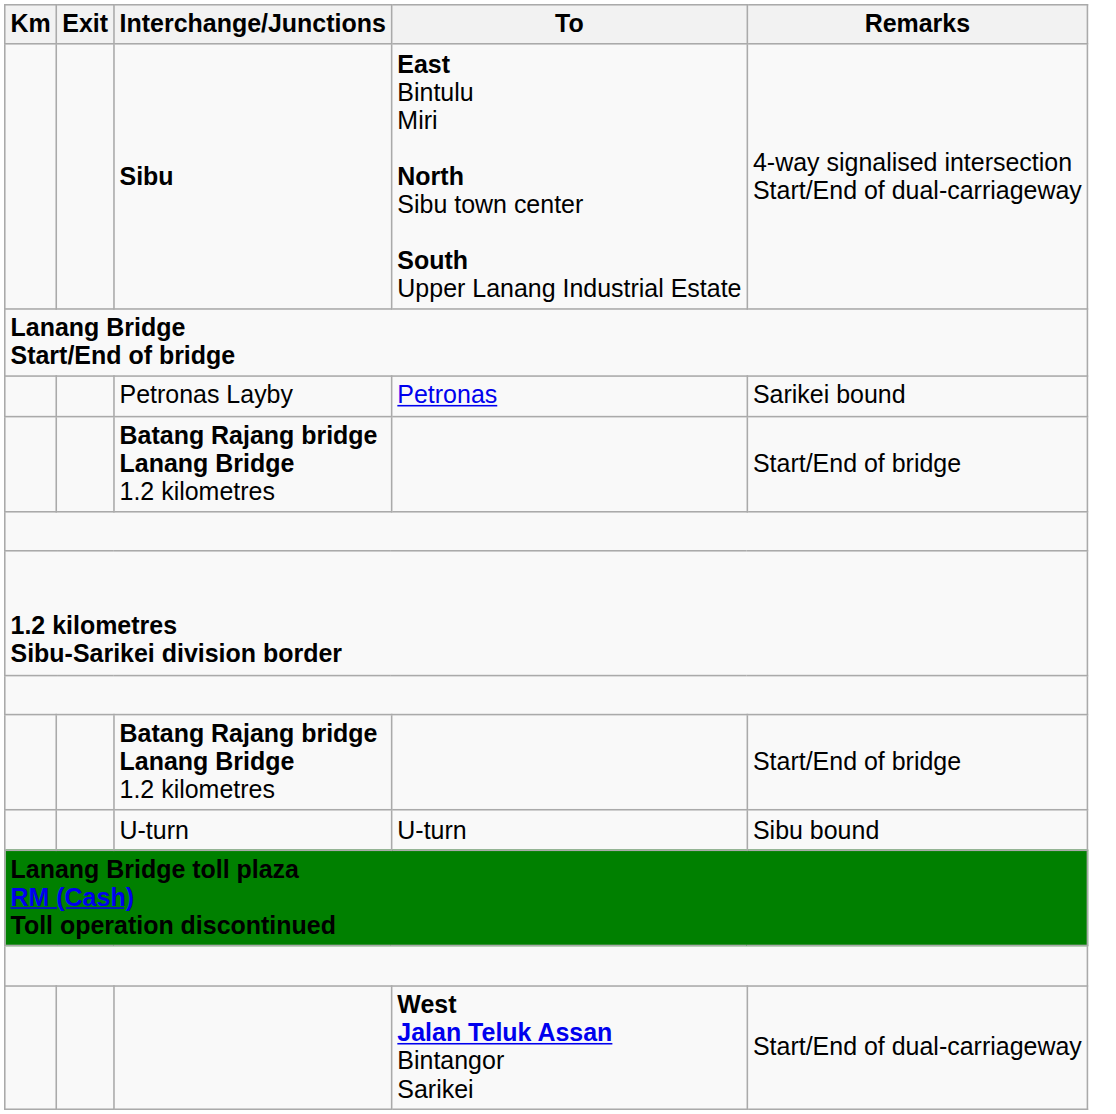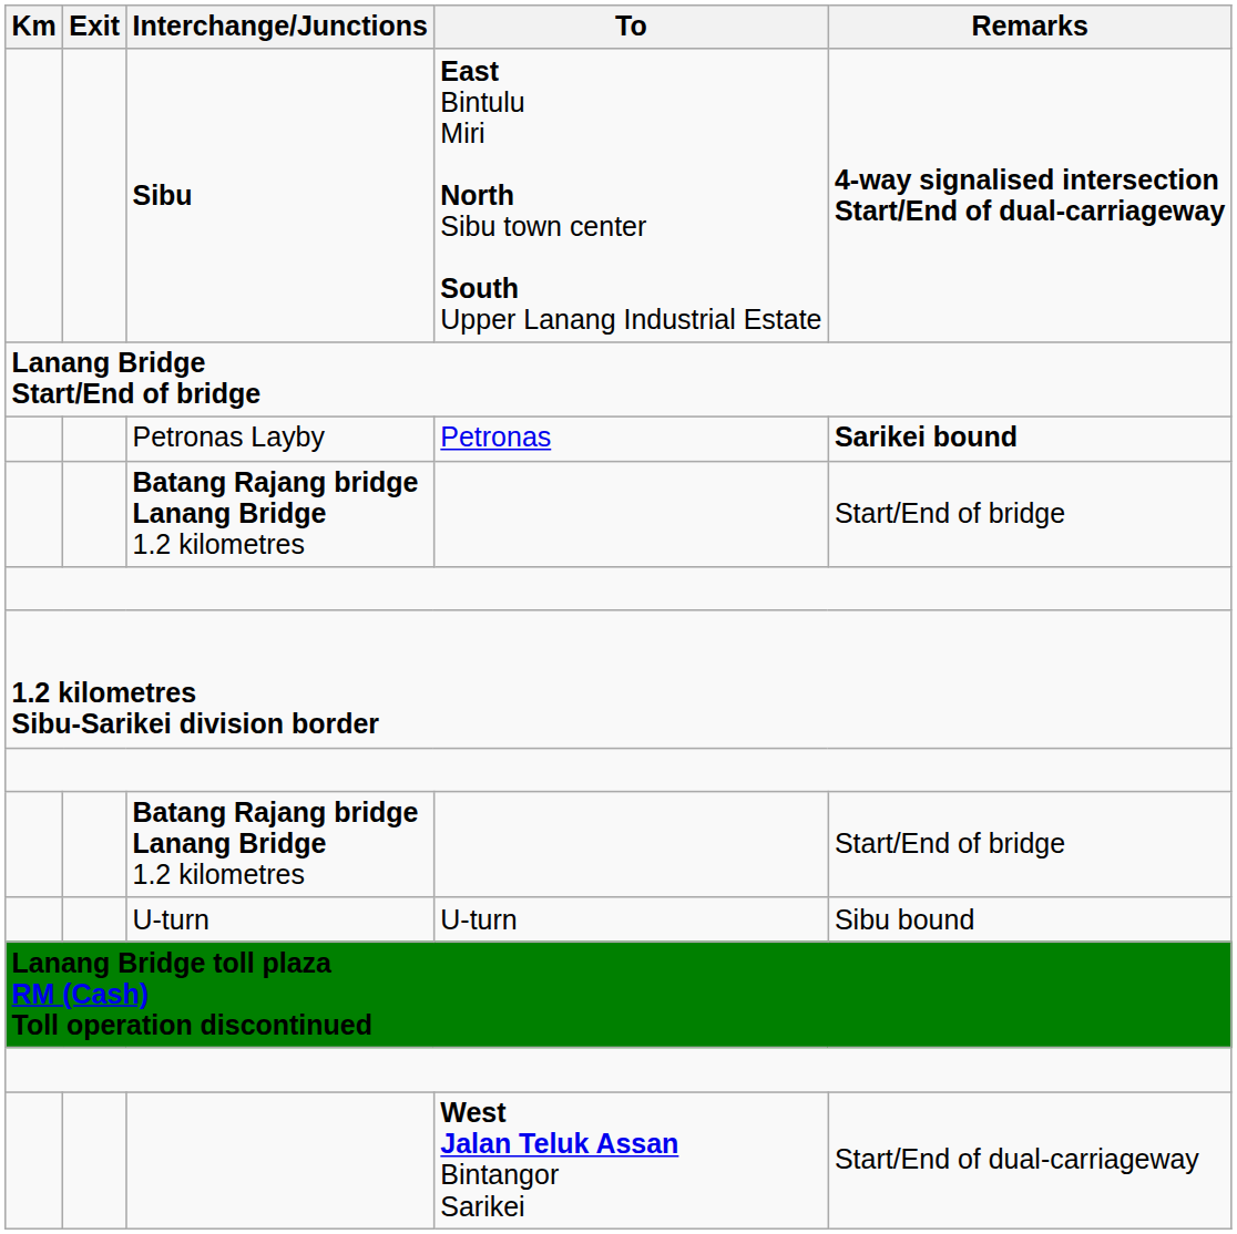 <table class="wikitable">
 <tr>
 <th>Km</th>
 <th>Exit</th>
 <th>Interchange/Junctions</th>
 <th>To</th>
 <th>Remarks</th>
 </tr>
 <tr>
 <td></td>
 <td></td>
 <td><strong>Sibu</strong><br></td>
 <td><strong>East</strong><br> Bintulu<br> Miri<br><br><strong>North</strong><br>Sibu town center<br><br><strong>South</strong><br>Upper Lanang Industrial Estate</td>
-<td>4-way signalised intersection<br>Start/End of dual-carriageway</td>
+<td><strong>4-way signalised intersection<br>Start/End of dual-carriageway</strong></td>
 </tr>
 <tr>
 <td style="width:600px" colspan="6" style="text-align:center; background:green;color:white;"> <strong>Lanang Bridge<br>Start/End of bridge</strong></td>
 </tr>
 <tr>
 <td></td>
 <td></td>
 <td> Petronas Layby</td>
 <td>  <a href='#'>Petronas</a>  </td>
-<td>Sarikei bound</td>
+<td><strong>Sarikei bound</strong></td>
 </tr>
 <tr>
 <td></td>
 <td></td>
 <td><strong>Batang Rajang bridge</strong><br><strong>Lanang Bridge</strong><br>1.2 kilometres</td>
 <td></td>
 <td>Start/End of bridge</td>
 </tr>
 <tr>
 <td style="width:600px" colspan="6" style="text-align:center; background:green;"><strong><br></strong></td>
 </tr>
 <tr>
 <td style="width:600px" colspan="6" style="text-align:center; background:yellow;"><strong><br><br>1.2 kilometres<br>Sibu-Sarikei division border</strong></td>
 </tr>
 <tr>
 <td style="width:600px" colspan="6" style="text-align:center; background:green;"><strong><br></strong></td>
 </tr>
 <tr>
 <td></td>
 <td></td>
 <td><strong>Batang Rajang bridge</strong><br><strong>Lanang Bridge</strong><br>1.2 kilometres</td>
 <td></td>
 <td>Start/End of bridge</td>
 </tr>
 <tr>
 <td></td>
 <td></td>
 <td>U-turn</td>
 <td>U-turn</td>
 <td>Sibu bound</td>
 </tr>
 <tr>
 <td style="width:600px" colspan="6" style="text-align:center" bgcolor="green"><strong><span>Lanang Bridge toll plaza<br><a href='#'><span>RM (Cash)</span></a><br>Toll operation discontinued</span></strong></td>
 </tr>
 <tr>
 <td style="width:600px" colspan="6" style="text-align:center; background:green;"><strong><br></strong></td>
 </tr>
 <tr>
 <td></td>
 <td></td>
 <td></td>
 <td><strong>West</strong><br> <strong><a href='#'>Jalan Teluk Assan</a></strong><br>Bintangor<br>Sarikei</td>
 <td>Start/End of dual-carriageway</td>
 </tr>
 </table>
